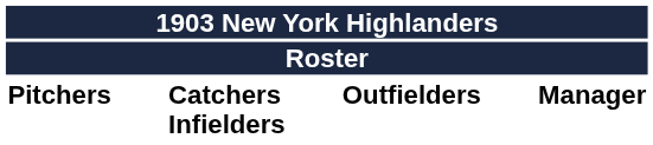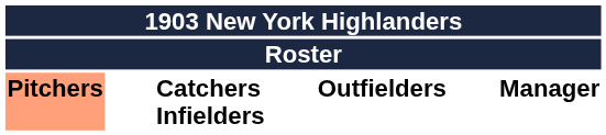 <table class="toccolours" style="font-size: 95%;">
 <tr>
 <th colspan="10" style="background:#1c2841; color:white; text-align:center;">1903 New York Highlanders</th>
 </tr>
 <tr>
 <td colspan="10" style="background:#1c2841; color:white; text-align:center;"><strong>Roster</strong></td>
 </tr>
 <tr>
-<td valign="top"><strong>Pitchers</strong><br>          </td>
+<td valign="top" style="background: lightsalmon;"><strong>Pitchers</strong><br>          </td>
 <td style="width:25px;"></td>
 <td valign="top"><strong>Catchers</strong><br>    <strong>Infielders</strong>         </td>
 <td style="width:25px;"></td>
 <td valign="top"><strong>Outfielders</strong><br>   </td>
 <td style="width:25px;"></td>
 <td valign="top"><strong>Manager</strong><br></td>
 </tr>
 </table>
